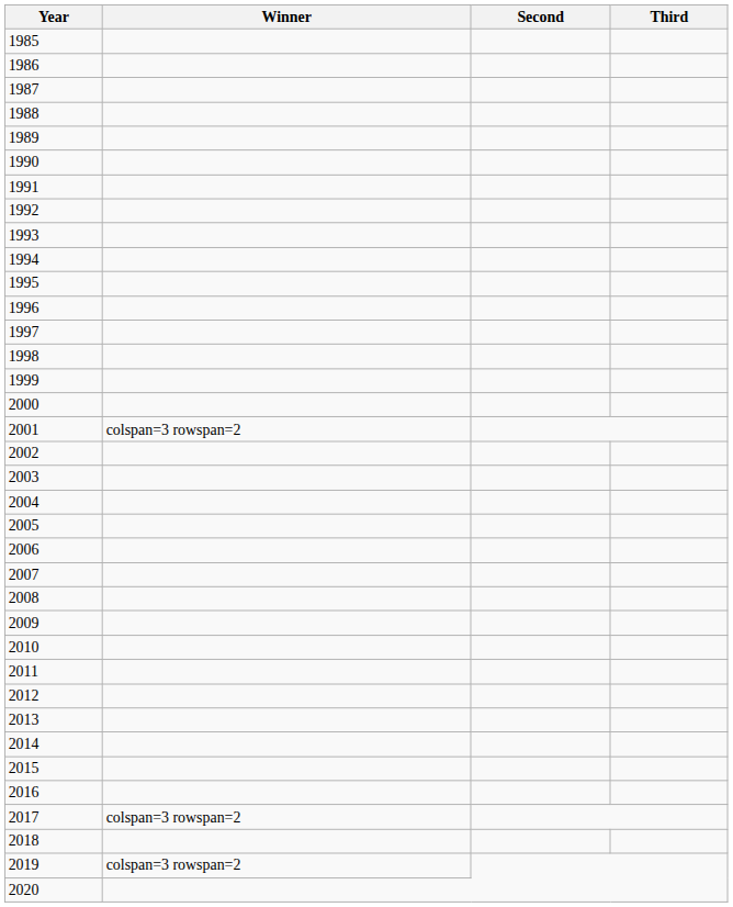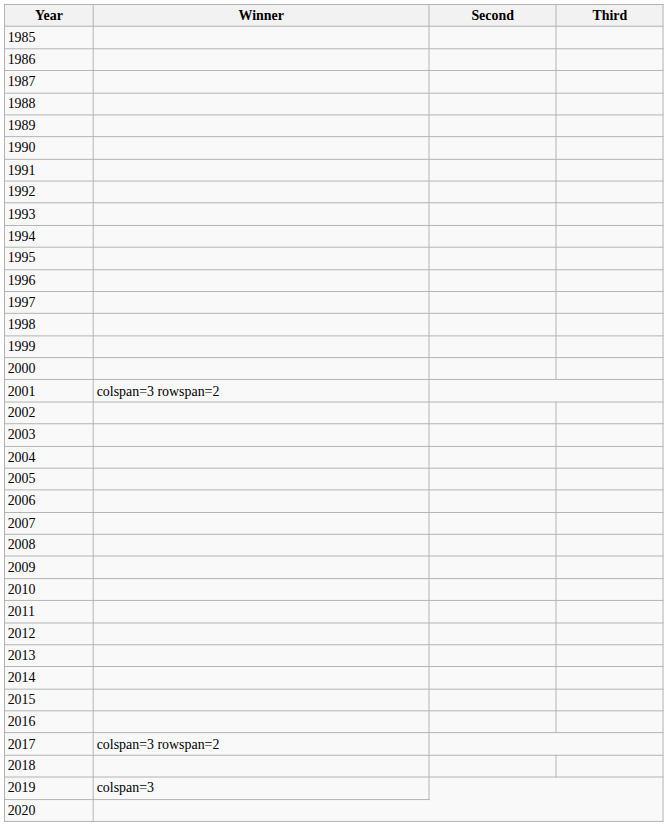 <table class="wikitable" style="font-size:100%" width=60%>
 <tr>
 <th>Year</th>
 <th>Winner</th>
 <th>Second</th>
 <th>Third</th>
 </tr>
 <tr>
 <td>1985</td>
 <td></td>
 <td></td>
 <td></td>
 </tr>
 <tr>
 <td>1986</td>
 <td></td>
 <td></td>
 <td></td>
 </tr>
 <tr>
 <td>1987</td>
 <td></td>
 <td></td>
 <td></td>
 </tr>
 <tr>
 <td>1988</td>
 <td></td>
 <td></td>
 <td></td>
 </tr>
 <tr>
 <td>1989</td>
 <td></td>
 <td></td>
 <td></td>
 </tr>
 <tr>
 <td>1990</td>
 <td></td>
 <td></td>
 <td></td>
 </tr>
 <tr>
 <td>1991</td>
 <td></td>
 <td></td>
 <td></td>
 </tr>
 <tr>
 <td>1992</td>
 <td></td>
 <td></td>
 <td></td>
 </tr>
 <tr>
 <td>1993</td>
 <td></td>
 <td></td>
 <td></td>
 </tr>
 <tr>
 <td>1994</td>
 <td></td>
 <td></td>
 <td></td>
 </tr>
 <tr>
 <td>1995</td>
 <td></td>
 <td></td>
 <td></td>
 </tr>
 <tr>
 <td>1996</td>
 <td></td>
 <td></td>
 <td></td>
 </tr>
 <tr>
 <td>1997</td>
 <td></td>
 <td></td>
 <td></td>
 </tr>
 <tr>
 <td>1998</td>
 <td></td>
 <td></td>
 <td></td>
 </tr>
 <tr>
 <td>1999</td>
 <td></td>
 <td></td>
 <td></td>
 </tr>
 <tr>
 <td>2000</td>
 <td></td>
 <td></td>
 <td></td>
 </tr>
 <tr>
 <td>2001</td>
 <td>colspan=3 rowspan=2 </td>
 </tr>
 <tr>
 <td>2002</td>
 <td></td>
 <td></td>
 <td></td>
 </tr>
 <tr>
 <td>2003</td>
 <td></td>
 <td></td>
 <td></td>
 </tr>
 <tr>
 <td>2004</td>
 <td></td>
 <td></td>
 <td></td>
 </tr>
 <tr>
 <td>2005</td>
 <td></td>
 <td></td>
 <td></td>
 </tr>
 <tr>
 <td>2006</td>
 <td></td>
 <td></td>
 <td></td>
 </tr>
 <tr>
 <td>2007</td>
 <td></td>
 <td></td>
 <td></td>
 </tr>
 <tr>
 <td>2008</td>
 <td></td>
 <td></td>
 <td></td>
 </tr>
 <tr>
 <td>2009</td>
 <td></td>
 <td></td>
 <td></td>
 </tr>
 <tr>
 <td>2010</td>
 <td></td>
 <td></td>
 <td></td>
 </tr>
 <tr>
 <td>2011</td>
 <td></td>
 <td></td>
 <td></td>
 </tr>
 <tr>
 <td>2012</td>
 <td></td>
 <td></td>
 <td></td>
 </tr>
 <tr>
 <td>2013</td>
 <td></td>
 <td></td>
 <td></td>
 </tr>
 <tr>
 <td>2014</td>
 <td></td>
 <td></td>
 <td></td>
 </tr>
 <tr>
 <td>2015</td>
 <td></td>
 <td></td>
 <td></td>
 </tr>
 <tr>
 <td>2016</td>
 <td></td>
 <td></td>
 <td></td>
 </tr>
 <tr>
 <td>2017</td>
 <td>colspan=3 rowspan=2 </td>
 </tr>
 <tr>
 <td>2018</td>
 <td></td>
 <td></td>
 <td></td>
 </tr>
 <tr>
 <td>2019</td>
-<td>colspan=3 rowspan=2 </td>
+<td>colspan=3 </td>
 </tr>
 <tr>
 <td>2020</td>
 </tr>
 </table>
